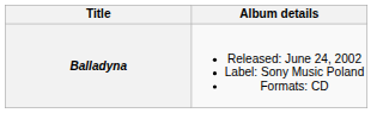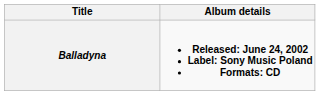 <table class="wikitable plainrowheaders" style="text-align:center;">
 <tr>
 <th scope="col" style="width:15em;">Title</th>
 <th scope="col">Album details</th>
 </tr>
 <tr>
 <th scope="row"><em>Balladyna</em></th>
-<td><br><ul><li>Released: June 24, 2002</li><li>Label: Sony Music Poland</li><li>Formats: CD</li></ul></td>
+<td><strong><br><ul><li>Released: June 24, 2002</li><li>Label: Sony Music Poland</li><li>Formats: CD</li></ul></strong></td>
 </tr>
 </table>
